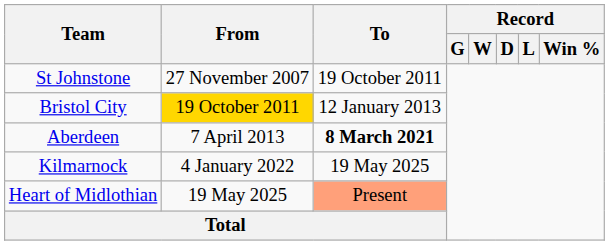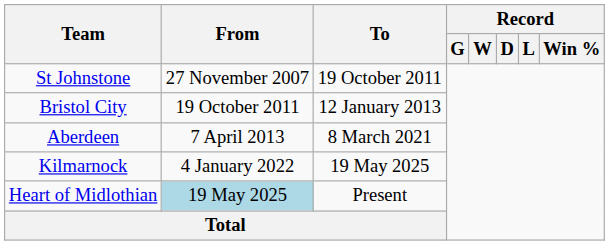 <table class="wikitable" style="text-align: center">
 <tr>
 <th rowspan=2>Team</th>
 <th rowspan=2>From</th>
 <th rowspan=2>To</th>
 <th colspan=5>Record</th>
 </tr>
 <tr>
 <th>G</th>
 <th>W</th>
 <th>D</th>
 <th>L</th>
 <th>Win %</th>
 </tr>
 <tr>
 <td align=centre><a href='#'>St Johnstone</a></td>
 <td align=centre>27 November 2007</td>
 <td align=centre>19 October 2011<br></td>
 </tr>
 <tr>
 <td align=centre><a href='#'>Bristol City</a></td>
-<td align=centre style="background: gold;">19 October 2011</td>
+<td align=centre>19 October 2011</td>
 <td align=centre>12 January 2013<br></td>
 </tr>
 <tr>
 <td align=centre><a href='#'>Aberdeen</a></td>
 <td align=centre>7 April 2013</td>
-<td align=centre><strong>8 March 2021<br></strong></td>
+<td align=centre>8 March 2021<br></td>
 </tr>
 <tr>
 <td align=centre><a href='#'>Kilmarnock</a></td>
 <td align=centre>4 January 2022</td>
 <td align=centre>19 May 2025<br></td>
 </tr>
 <tr>
 <td align=centre><a href='#'>Heart of Midlothian</a></td>
-<td align=centre>19 May 2025</td>
-<td align=centre style="background: lightsalmon;">Present<br></td>
+<td align=centre style="background: lightblue;">19 May 2025</td>
+<td align=centre>Present<br></td>
 </tr>
 <tr>
 <th colspan=3>Total<br></th>
 </tr>
 </table>
